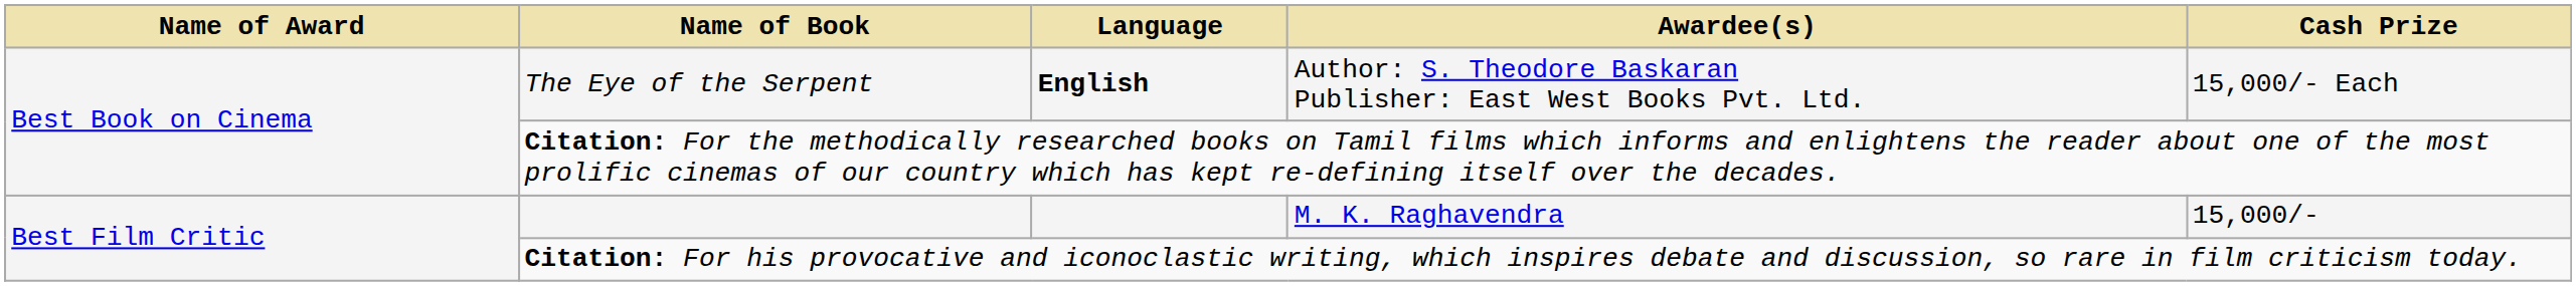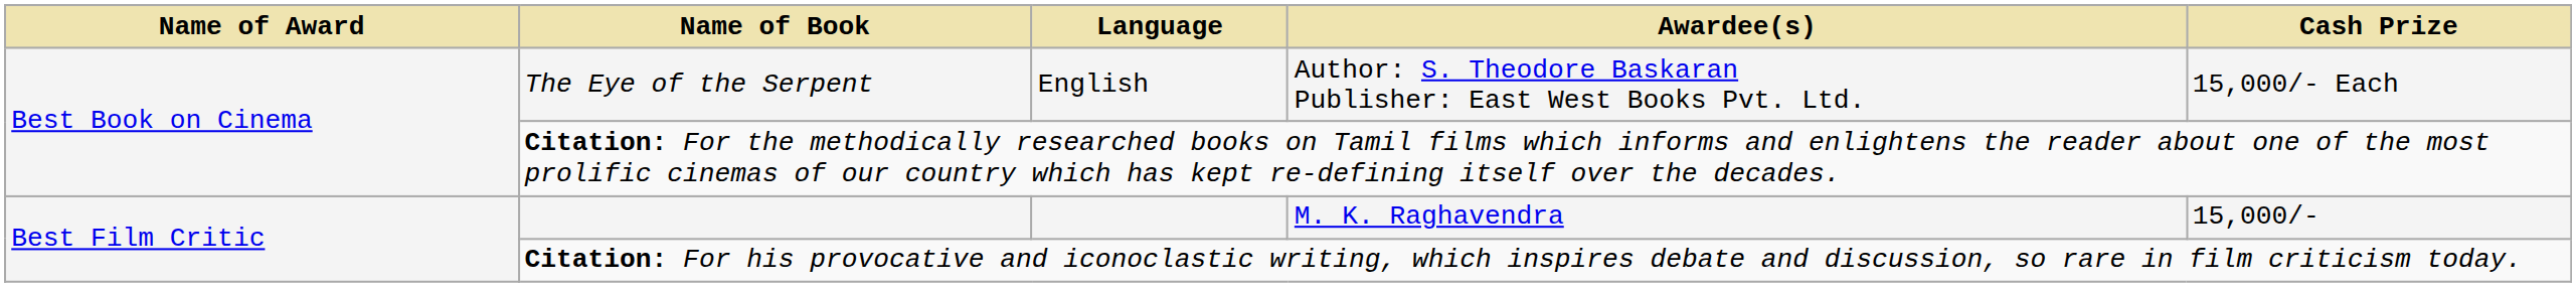 <table class="wikitable" style="width:100%;">
 <tr style="background-color:#F4F4F4">
 <th style="background-color:#EFE4B0;width:20%;">Name of Award</th>
 <th style="background-color:#EFE4B0;width:20%;">Name of Book</th>
 <th style="background-color:#EFE4B0;width:10%;">Language</th>
 <th style="background-color:#EFE4B0;width:35%;">Awardee(s)</th>
 <th style="background-color:#EFE4B0;width:15%;">Cash Prize</th>
 </tr>
 <tr style="background-color:#F4F4F4">
 <td rowspan="2"><a href='#'>Best Book on Cinema</a></td>
 <td><em>The Eye of the Serpent</em></td>
-<td><strong>English</strong></td>
+<td>English</td>
 <td>Author: <a href='#'>S. Theodore Baskaran</a><br>Publisher: East West Books Pvt. Ltd.</td>
 <td> 15,000/- Each</td>
 </tr>
 <tr style="background-color:#F9F9F9">
 <td colspan="4"><strong>Citation:</strong> <em>For the methodically researched books on Tamil films which informs and enlightens the reader about one of the most prolific cinemas of our country which has kept re-defining itself over the decades.</em></td>
 </tr>
 <tr style="background-color:#F4F4F4">
 <td rowspan="2"><a href='#'>Best Film Critic</a></td>
 <td></td>
 <td></td>
 <td><a href='#'>M. K. Raghavendra</a></td>
 <td> 15,000/-</td>
 </tr>
 <tr style="background-color:#F9F9F9">
 <td colspan="4"><strong>Citation:</strong> <em>For his provocative and iconoclastic writing, which inspires debate and discussion, so rare in film criticism today.</em></td>
 </tr>
 </table>
